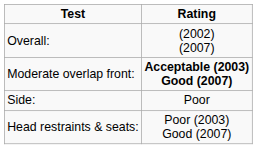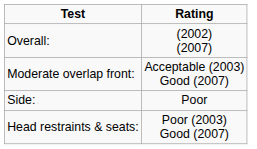 <table class="wikitable">
 <tr>
 <td style="text-align:center;"><strong>Test</strong></td>
 <td style="text-align:center;"><strong>Rating</strong></td>
 </tr>
 <tr>
 <td>Overall:</td>
 <td style="text-align:center;"> (2002)<br> (2007)</td>
 </tr>
 <tr>
 <td>Moderate overlap front:</td>
-<td style="text-align:center;"><strong>Acceptable (2003)<br>Good (2007)</strong></td>
+<td style="text-align:center;">Acceptable (2003)<br>Good (2007)</td>
 </tr>
 <tr>
 <td>Side:</td>
 <td style="text-align:center;">Poor</td>
 </tr>
 <tr>
 <td>Head restraints & seats:</td>
 <td style="text-align:center;">Poor (2003)<br>Good (2007)</td>
 </tr>
 </table>
